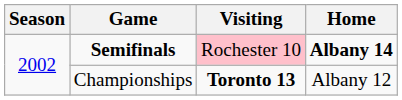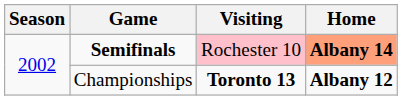 <table class="wikitable">
 <tr>
 <th>Season</th>
 <th>Game</th>
 <th>Visiting</th>
 <th>Home</th>
 </tr>
 <tr ALIGN=center>
 <td rowspan="2"><a href='#'>2002</a></td>
 <td><strong>Semifinals</strong></td>
 <td style="background: pink;">Rochester 10</td>
-<td><strong>Albany 14</strong></td>
+<td style="background: lightsalmon;"><strong>Albany 14</strong></td>
 </tr>
 <tr ALIGN=center>
 <td>Championships</td>
 <td><strong>Toronto 13</strong></td>
-<td>Albany 12</td>
+<td><strong>Albany 12</strong></td>
 </tr>
 </table>
